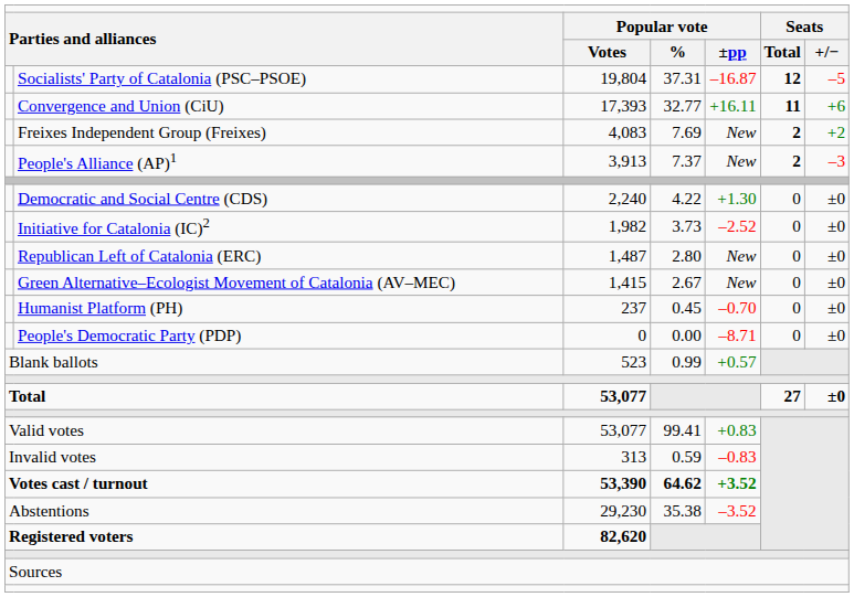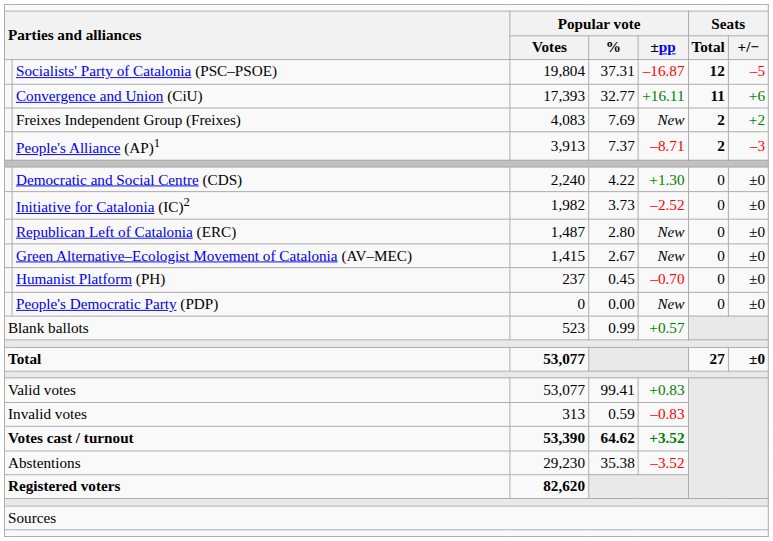 <table class="wikitable" style="text-align:right;">
 <tr>
 <td colspan="7"></td>
 </tr>
 <tr>
 <th style="text-align:left;" rowspan="2" colspan="2" width="525">Parties and alliances</th>
 <th colspan="3">Popular vote</th>
 <th colspan="2">Seats</th>
 </tr>
 <tr>
 <th width="75">Votes</th>
 <th width="45">%</th>
 <th width="45">±<a href='#'>pp</a></th>
 <th width="35">Total</th>
 <th width="35">+/−</th>
 </tr>
 <tr>
 <td width="1" style="color:inherit;background:"></td>
 <td align="left"><a href='#'>Socialists' Party of Catalonia</a> (PSC–PSOE)</td>
 <td>19,804</td>
 <td>37.31</td>
 <td style="color:red;">–16.87</td>
 <td><strong>12</strong></td>
 <td style="color:red;">–5</td>
 </tr>
 <tr>
 <td style="color:inherit;background:"></td>
 <td align="left"><a href='#'>Convergence and Union</a> (CiU)</td>
 <td>17,393</td>
 <td>32.77</td>
 <td style="color:green;">+16.11</td>
 <td><strong>11</strong></td>
 <td style="color:green;">+6</td>
 </tr>
 <tr>
 <td style="color:inherit;background:"></td>
 <td align="left">Freixes Independent Group (Freixes)</td>
 <td>4,083</td>
 <td>7.69</td>
 <td><em>New</em></td>
 <td><strong>2</strong></td>
 <td style="color:green;">+2</td>
 </tr>
 <tr>
 <td style="color:inherit;background:"></td>
 <td align="left"><a href='#'>People's Alliance</a> (AP)<sup>1</sup></td>
 <td>3,913</td>
 <td>7.37</td>
-<td><em>New</em></td>
+<td style="color:red;">–8.71</td>
 <td><strong>2</strong></td>
 <td style="color:red;">–3</td>
 </tr>
 <tr>
 <td colspan="7" style="color:inherit;background:#C0C0C0"></td>
 </tr>
 <tr>
 <td style="color:inherit;background:"></td>
 <td align="left"><a href='#'>Democratic and Social Centre</a> (CDS)</td>
 <td>2,240</td>
 <td>4.22</td>
 <td style="color:green;">+1.30</td>
 <td>0</td>
 <td>±0</td>
 </tr>
 <tr>
 <td style="color:inherit;background:"></td>
 <td align="left"><a href='#'>Initiative for Catalonia</a> (IC)<sup>2</sup></td>
 <td>1,982</td>
 <td>3.73</td>
 <td style="color:red;">–2.52</td>
 <td>0</td>
 <td>±0</td>
 </tr>
 <tr>
 <td style="color:inherit;background:"></td>
 <td align="left"><a href='#'>Republican Left of Catalonia</a> (ERC)</td>
 <td>1,487</td>
 <td>2.80</td>
 <td><em>New</em></td>
 <td>0</td>
 <td>±0</td>
 </tr>
 <tr>
 <td style="color:inherit;background:"></td>
 <td align="left"><a href='#'>Green Alternative–Ecologist Movement of Catalonia</a> (AV–MEC)</td>
 <td>1,415</td>
 <td>2.67</td>
 <td><em>New</em></td>
 <td>0</td>
 <td>±0</td>
 </tr>
 <tr>
 <td style="color:inherit;background:"></td>
 <td align="left"><a href='#'>Humanist Platform</a> (PH)</td>
 <td>237</td>
 <td>0.45</td>
 <td style="color:red;">–0.70</td>
 <td>0</td>
 <td>±0</td>
 </tr>
 <tr>
 <td style="color:inherit;background:"></td>
 <td align="left"><a href='#'>People's Democratic Party</a> (PDP)</td>
 <td>0</td>
 <td>0.00</td>
-<td style="color:red;">–8.71</td>
+<td><em>New</em></td>
 <td>0</td>
 <td>±0</td>
 </tr>
 <tr>
 <td align="left" colspan="2">Blank ballots</td>
 <td>523</td>
 <td>0.99</td>
 <td style="color:green;">+0.57</td>
 <td style="color:inherit;background:#E9E9E9" colspan="2"></td>
 </tr>
 <tr>
 <td colspan="7" style="color:inherit;background:#E9E9E9"></td>
 </tr>
 <tr style="font-weight:bold;">
 <td align="left" colspan="2">Total</td>
 <td>53,077</td>
 <td bgcolor="#E9E9E9" colspan="2"></td>
 <td>27</td>
 <td>±0</td>
 </tr>
 <tr>
 <td colspan="7" style="color:inherit;background:#E9E9E9"></td>
 </tr>
 <tr>
 <td align="left" colspan="2">Valid votes</td>
 <td>53,077</td>
 <td>99.41</td>
 <td style="color:green;">+0.83</td>
 <td bgcolor="#E9E9E9" colspan="2" rowspan="5"></td>
 </tr>
 <tr>
 <td align="left" colspan="2">Invalid votes</td>
 <td>313</td>
 <td>0.59</td>
 <td style="color:red;">–0.83</td>
 </tr>
 <tr style="font-weight:bold;">
 <td align="left" colspan="2">Votes cast / turnout</td>
 <td>53,390</td>
 <td>64.62</td>
 <td style="color:green;">+3.52</td>
 </tr>
 <tr>
 <td align="left" colspan="2">Abstentions</td>
 <td>29,230</td>
 <td>35.38</td>
 <td style="color:red;">–3.52</td>
 </tr>
 <tr style="font-weight:bold;">
 <td align="left" colspan="2">Registered voters</td>
 <td>82,620</td>
 <td bgcolor="#E9E9E9" colspan="2"></td>
 </tr>
 <tr>
 <td colspan="7" style="color:inherit;background:#E9E9E9"></td>
 </tr>
 <tr>
 <td align="left" colspan="7">Sources</td>
 </tr>
 <tr>
 <td colspan="7" style="text-align:left; max-width:790px;"></td>
 </tr>
 </table>
